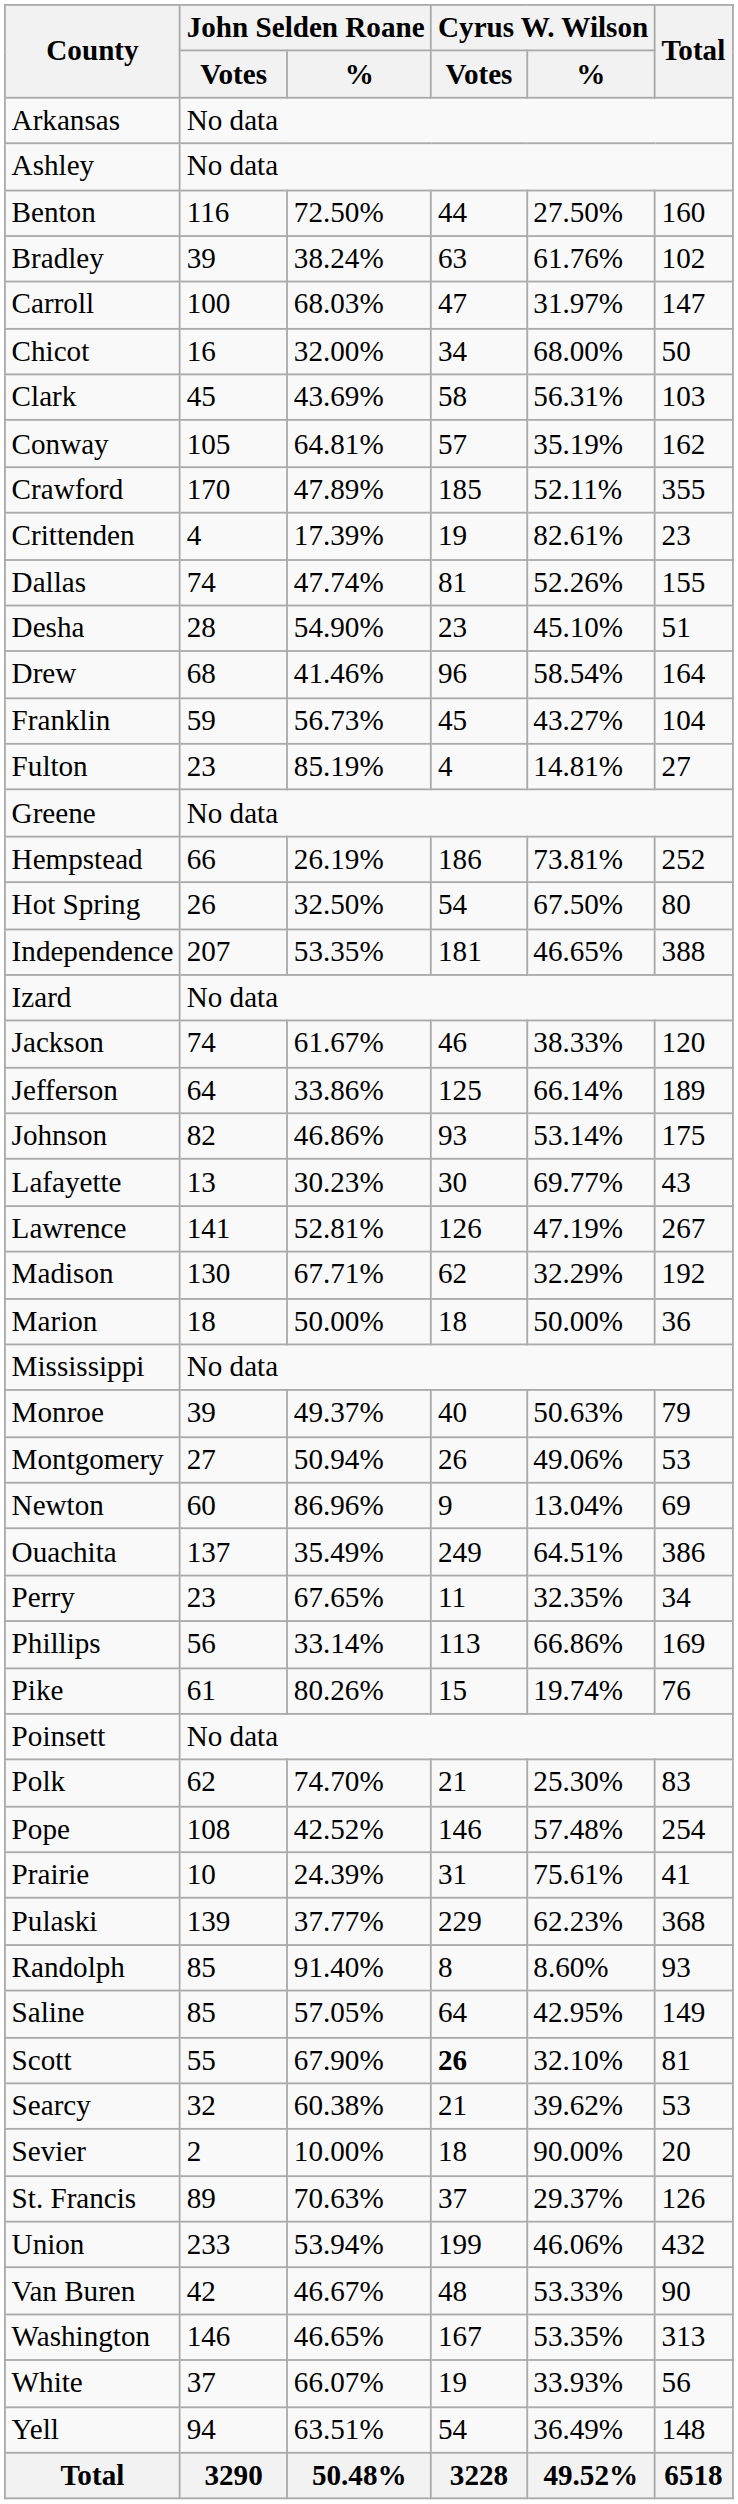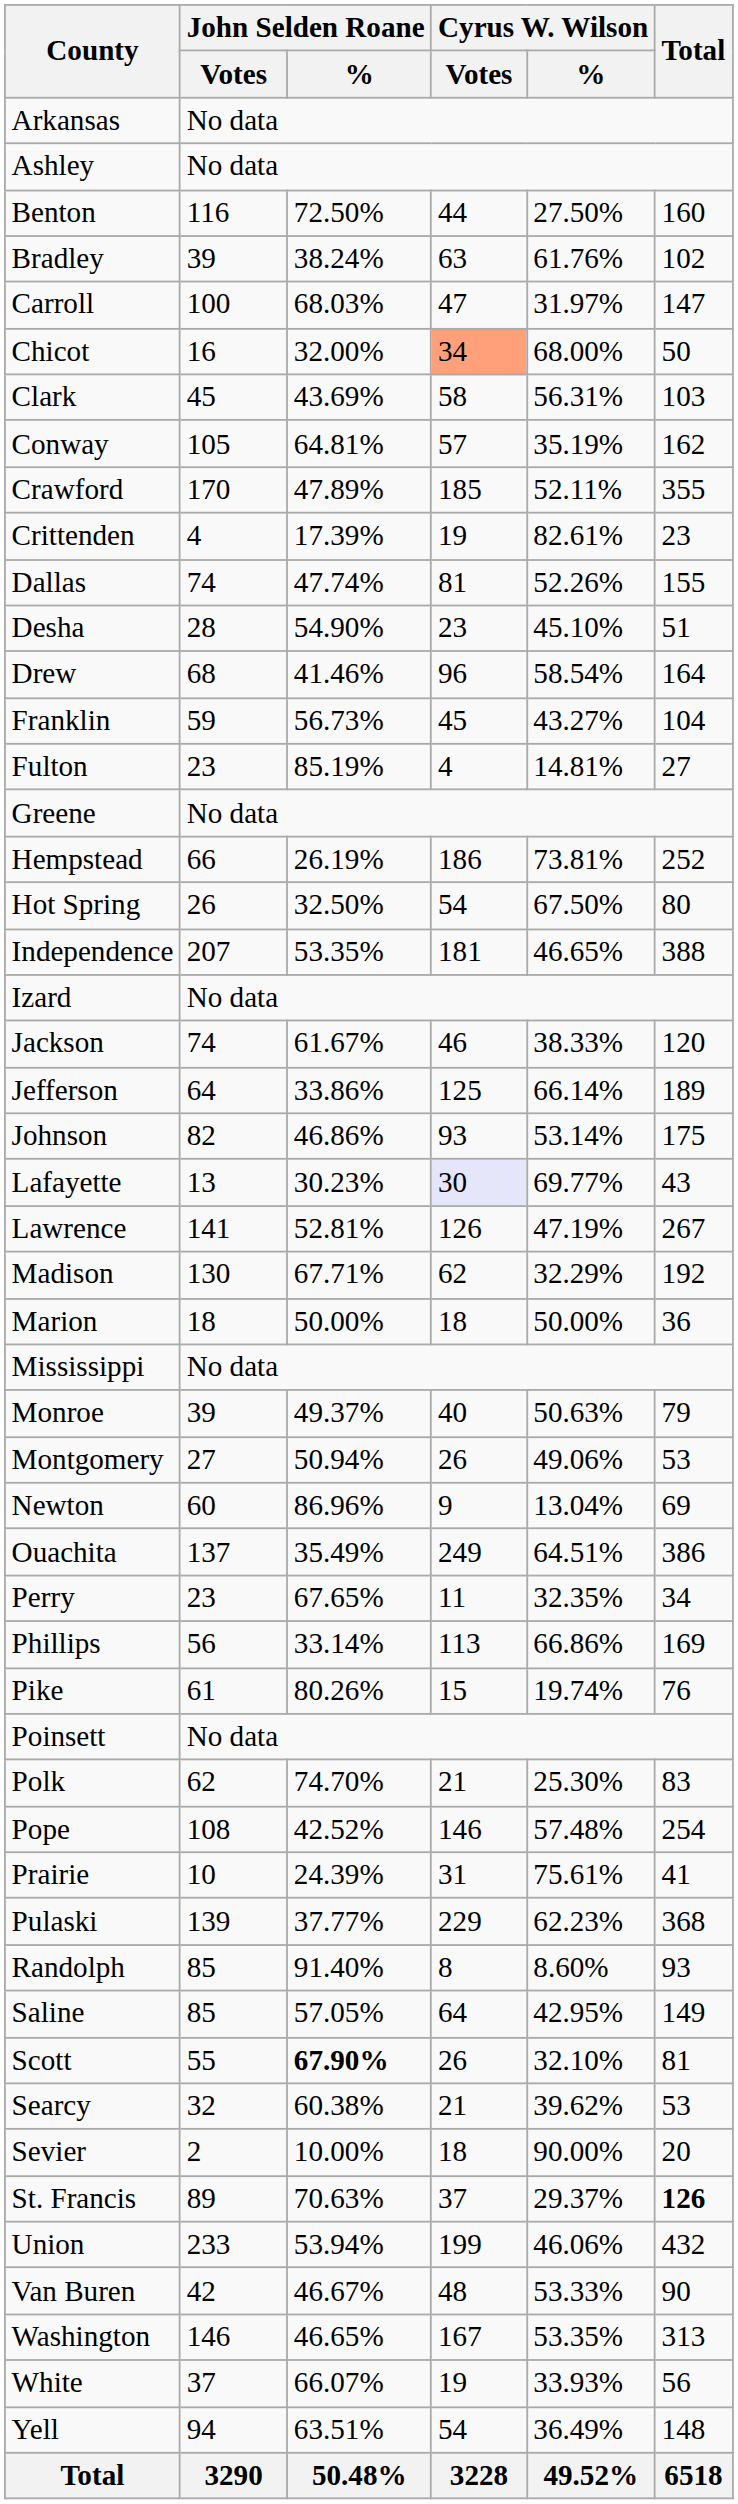 <table class="wikitable sortable mw-collapsible mw-collapsed">
 <tr>
 <th rowspan="2">County</th>
 <th colspan="2">John Selden Roane</th>
 <th colspan="2">Cyrus W. Wilson</th>
 <th rowspan="2">Total</th>
 </tr>
 <tr>
 <th>Votes</th>
 <th>%</th>
 <th>Votes</th>
 <th>%</th>
 </tr>
 <tr>
 <td>Arkansas</td>
 <td colspan="5">No data</td>
 </tr>
 <tr>
 <td>Ashley</td>
 <td colspan="5">No data</td>
 </tr>
 <tr>
 <td>Benton</td>
 <td>116</td>
 <td>72.50%</td>
 <td>44</td>
 <td>27.50%</td>
 <td>160</td>
 </tr>
 <tr>
 <td>Bradley</td>
 <td>39</td>
 <td>38.24%</td>
 <td>63</td>
 <td>61.76%</td>
 <td>102</td>
 </tr>
 <tr>
 <td>Carroll</td>
 <td>100</td>
 <td>68.03%</td>
 <td>47</td>
 <td>31.97%</td>
 <td>147</td>
 </tr>
 <tr>
 <td>Chicot</td>
 <td>16</td>
 <td>32.00%</td>
-<td>34</td>
+<td style="background: lightsalmon;">34</td>
 <td>68.00%</td>
 <td>50</td>
 </tr>
 <tr>
 <td>Clark</td>
 <td>45</td>
 <td>43.69%</td>
 <td>58</td>
 <td>56.31%</td>
 <td>103</td>
 </tr>
 <tr>
 <td>Conway</td>
 <td>105</td>
 <td>64.81%</td>
 <td>57</td>
 <td>35.19%</td>
 <td>162</td>
 </tr>
 <tr>
 <td>Crawford</td>
 <td>170</td>
 <td>47.89%</td>
 <td>185</td>
 <td>52.11%</td>
 <td>355</td>
 </tr>
 <tr>
 <td>Crittenden</td>
 <td>4</td>
 <td>17.39%</td>
 <td>19</td>
 <td>82.61%</td>
 <td>23</td>
 </tr>
 <tr>
 <td>Dallas</td>
 <td>74</td>
 <td>47.74%</td>
 <td>81</td>
 <td>52.26%</td>
 <td>155</td>
 </tr>
 <tr>
 <td>Desha</td>
 <td>28</td>
 <td>54.90%</td>
 <td>23</td>
 <td>45.10%</td>
 <td>51</td>
 </tr>
 <tr>
 <td>Drew</td>
 <td>68</td>
 <td>41.46%</td>
 <td>96</td>
 <td>58.54%</td>
 <td>164</td>
 </tr>
 <tr>
 <td>Franklin</td>
 <td>59</td>
 <td>56.73%</td>
 <td>45</td>
 <td>43.27%</td>
 <td>104</td>
 </tr>
 <tr>
 <td>Fulton</td>
 <td>23</td>
 <td>85.19%</td>
 <td>4</td>
 <td>14.81%</td>
 <td>27</td>
 </tr>
 <tr>
 <td>Greene</td>
 <td colspan="5">No data</td>
 </tr>
 <tr>
 <td>Hempstead</td>
 <td>66</td>
 <td>26.19%</td>
 <td>186</td>
 <td>73.81%</td>
 <td>252</td>
 </tr>
 <tr>
 <td>Hot Spring</td>
 <td>26</td>
 <td>32.50%</td>
 <td>54</td>
 <td>67.50%</td>
 <td>80</td>
 </tr>
 <tr>
 <td>Independence</td>
 <td>207</td>
 <td>53.35%</td>
 <td>181</td>
 <td>46.65%</td>
 <td>388</td>
 </tr>
 <tr>
 <td>Izard</td>
 <td colspan="5">No data</td>
 </tr>
 <tr>
 <td>Jackson</td>
 <td>74</td>
 <td>61.67%</td>
 <td>46</td>
 <td>38.33%</td>
 <td>120</td>
 </tr>
 <tr>
 <td>Jefferson</td>
 <td>64</td>
 <td>33.86%</td>
 <td>125</td>
 <td>66.14%</td>
 <td>189</td>
 </tr>
 <tr>
 <td>Johnson</td>
 <td>82</td>
 <td>46.86%</td>
 <td>93</td>
 <td>53.14%</td>
 <td>175</td>
 </tr>
 <tr>
 <td>Lafayette</td>
 <td>13</td>
 <td>30.23%</td>
-<td>30</td>
+<td style="background: lavender;">30</td>
 <td>69.77%</td>
 <td>43</td>
 </tr>
 <tr>
 <td>Lawrence</td>
 <td>141</td>
 <td>52.81%</td>
 <td>126</td>
 <td>47.19%</td>
 <td>267</td>
 </tr>
 <tr>
 <td>Madison</td>
 <td>130</td>
 <td>67.71%</td>
 <td>62</td>
 <td>32.29%</td>
 <td>192</td>
 </tr>
 <tr>
 <td>Marion</td>
 <td>18</td>
 <td>50.00%</td>
 <td>18</td>
 <td>50.00%</td>
 <td>36</td>
 </tr>
 <tr>
 <td>Mississippi</td>
 <td colspan="5">No data</td>
 </tr>
 <tr>
 <td>Monroe</td>
 <td>39</td>
 <td>49.37%</td>
 <td>40</td>
 <td>50.63%</td>
 <td>79</td>
 </tr>
 <tr>
 <td>Montgomery</td>
 <td>27</td>
 <td>50.94%</td>
 <td>26</td>
 <td>49.06%</td>
 <td>53</td>
 </tr>
 <tr>
 <td>Newton</td>
 <td>60</td>
 <td>86.96%</td>
 <td>9</td>
 <td>13.04%</td>
 <td>69</td>
 </tr>
 <tr>
 <td>Ouachita</td>
 <td>137</td>
 <td>35.49%</td>
 <td>249</td>
 <td>64.51%</td>
 <td>386</td>
 </tr>
 <tr>
 <td>Perry</td>
 <td>23</td>
 <td>67.65%</td>
 <td>11</td>
 <td>32.35%</td>
 <td>34</td>
 </tr>
 <tr>
 <td>Phillips</td>
 <td>56</td>
 <td>33.14%</td>
 <td>113</td>
 <td>66.86%</td>
 <td>169</td>
 </tr>
 <tr>
 <td>Pike</td>
 <td>61</td>
 <td>80.26%</td>
 <td>15</td>
 <td>19.74%</td>
 <td>76</td>
 </tr>
 <tr>
 <td>Poinsett</td>
 <td colspan="5">No data</td>
 </tr>
 <tr>
 <td>Polk</td>
 <td>62</td>
 <td>74.70%</td>
 <td>21</td>
 <td>25.30%</td>
 <td>83</td>
 </tr>
 <tr>
 <td>Pope</td>
 <td>108</td>
 <td>42.52%</td>
 <td>146</td>
 <td>57.48%</td>
 <td>254</td>
 </tr>
 <tr>
 <td>Prairie</td>
 <td>10</td>
 <td>24.39%</td>
 <td>31</td>
 <td>75.61%</td>
 <td>41</td>
 </tr>
 <tr>
 <td>Pulaski</td>
 <td>139</td>
 <td>37.77%</td>
 <td>229</td>
 <td>62.23%</td>
 <td>368</td>
 </tr>
 <tr>
 <td>Randolph</td>
 <td>85</td>
 <td>91.40%</td>
 <td>8</td>
 <td>8.60%</td>
 <td>93</td>
 </tr>
 <tr>
 <td>Saline</td>
 <td>85</td>
 <td>57.05%</td>
 <td>64</td>
 <td>42.95%</td>
 <td>149</td>
 </tr>
 <tr>
 <td>Scott</td>
 <td>55</td>
-<td>67.90%</td>
-<td><strong>26</strong></td>
+<td><strong>67.90%</strong></td>
+<td>26</td>
 <td>32.10%</td>
 <td>81</td>
 </tr>
 <tr>
 <td>Searcy</td>
 <td>32</td>
 <td>60.38%</td>
 <td>21</td>
 <td>39.62%</td>
 <td>53</td>
 </tr>
 <tr>
 <td>Sevier</td>
 <td>2</td>
 <td>10.00%</td>
 <td>18</td>
 <td>90.00%</td>
 <td>20</td>
 </tr>
 <tr>
 <td>St. Francis</td>
 <td>89</td>
 <td>70.63%</td>
 <td>37</td>
 <td>29.37%</td>
-<td>126</td>
+<td><strong>126</strong></td>
 </tr>
 <tr>
 <td>Union</td>
 <td>233</td>
 <td>53.94%</td>
 <td>199</td>
 <td>46.06%</td>
 <td>432</td>
 </tr>
 <tr>
 <td>Van Buren</td>
 <td>42</td>
 <td>46.67%</td>
 <td>48</td>
 <td>53.33%</td>
 <td>90</td>
 </tr>
 <tr>
 <td>Washington</td>
 <td>146</td>
 <td>46.65%</td>
 <td>167</td>
 <td>53.35%</td>
 <td>313</td>
 </tr>
 <tr>
 <td>White</td>
 <td>37</td>
 <td>66.07%</td>
 <td>19</td>
 <td>33.93%</td>
 <td>56</td>
 </tr>
 <tr>
 <td>Yell</td>
 <td>94</td>
 <td>63.51%</td>
 <td>54</td>
 <td>36.49%</td>
 <td>148</td>
 </tr>
 <tr>
 <th>Total</th>
 <th>3290</th>
 <th>50.48%</th>
 <th>3228</th>
 <th>49.52%</th>
 <th>6518</th>
 </tr>
 </table>
